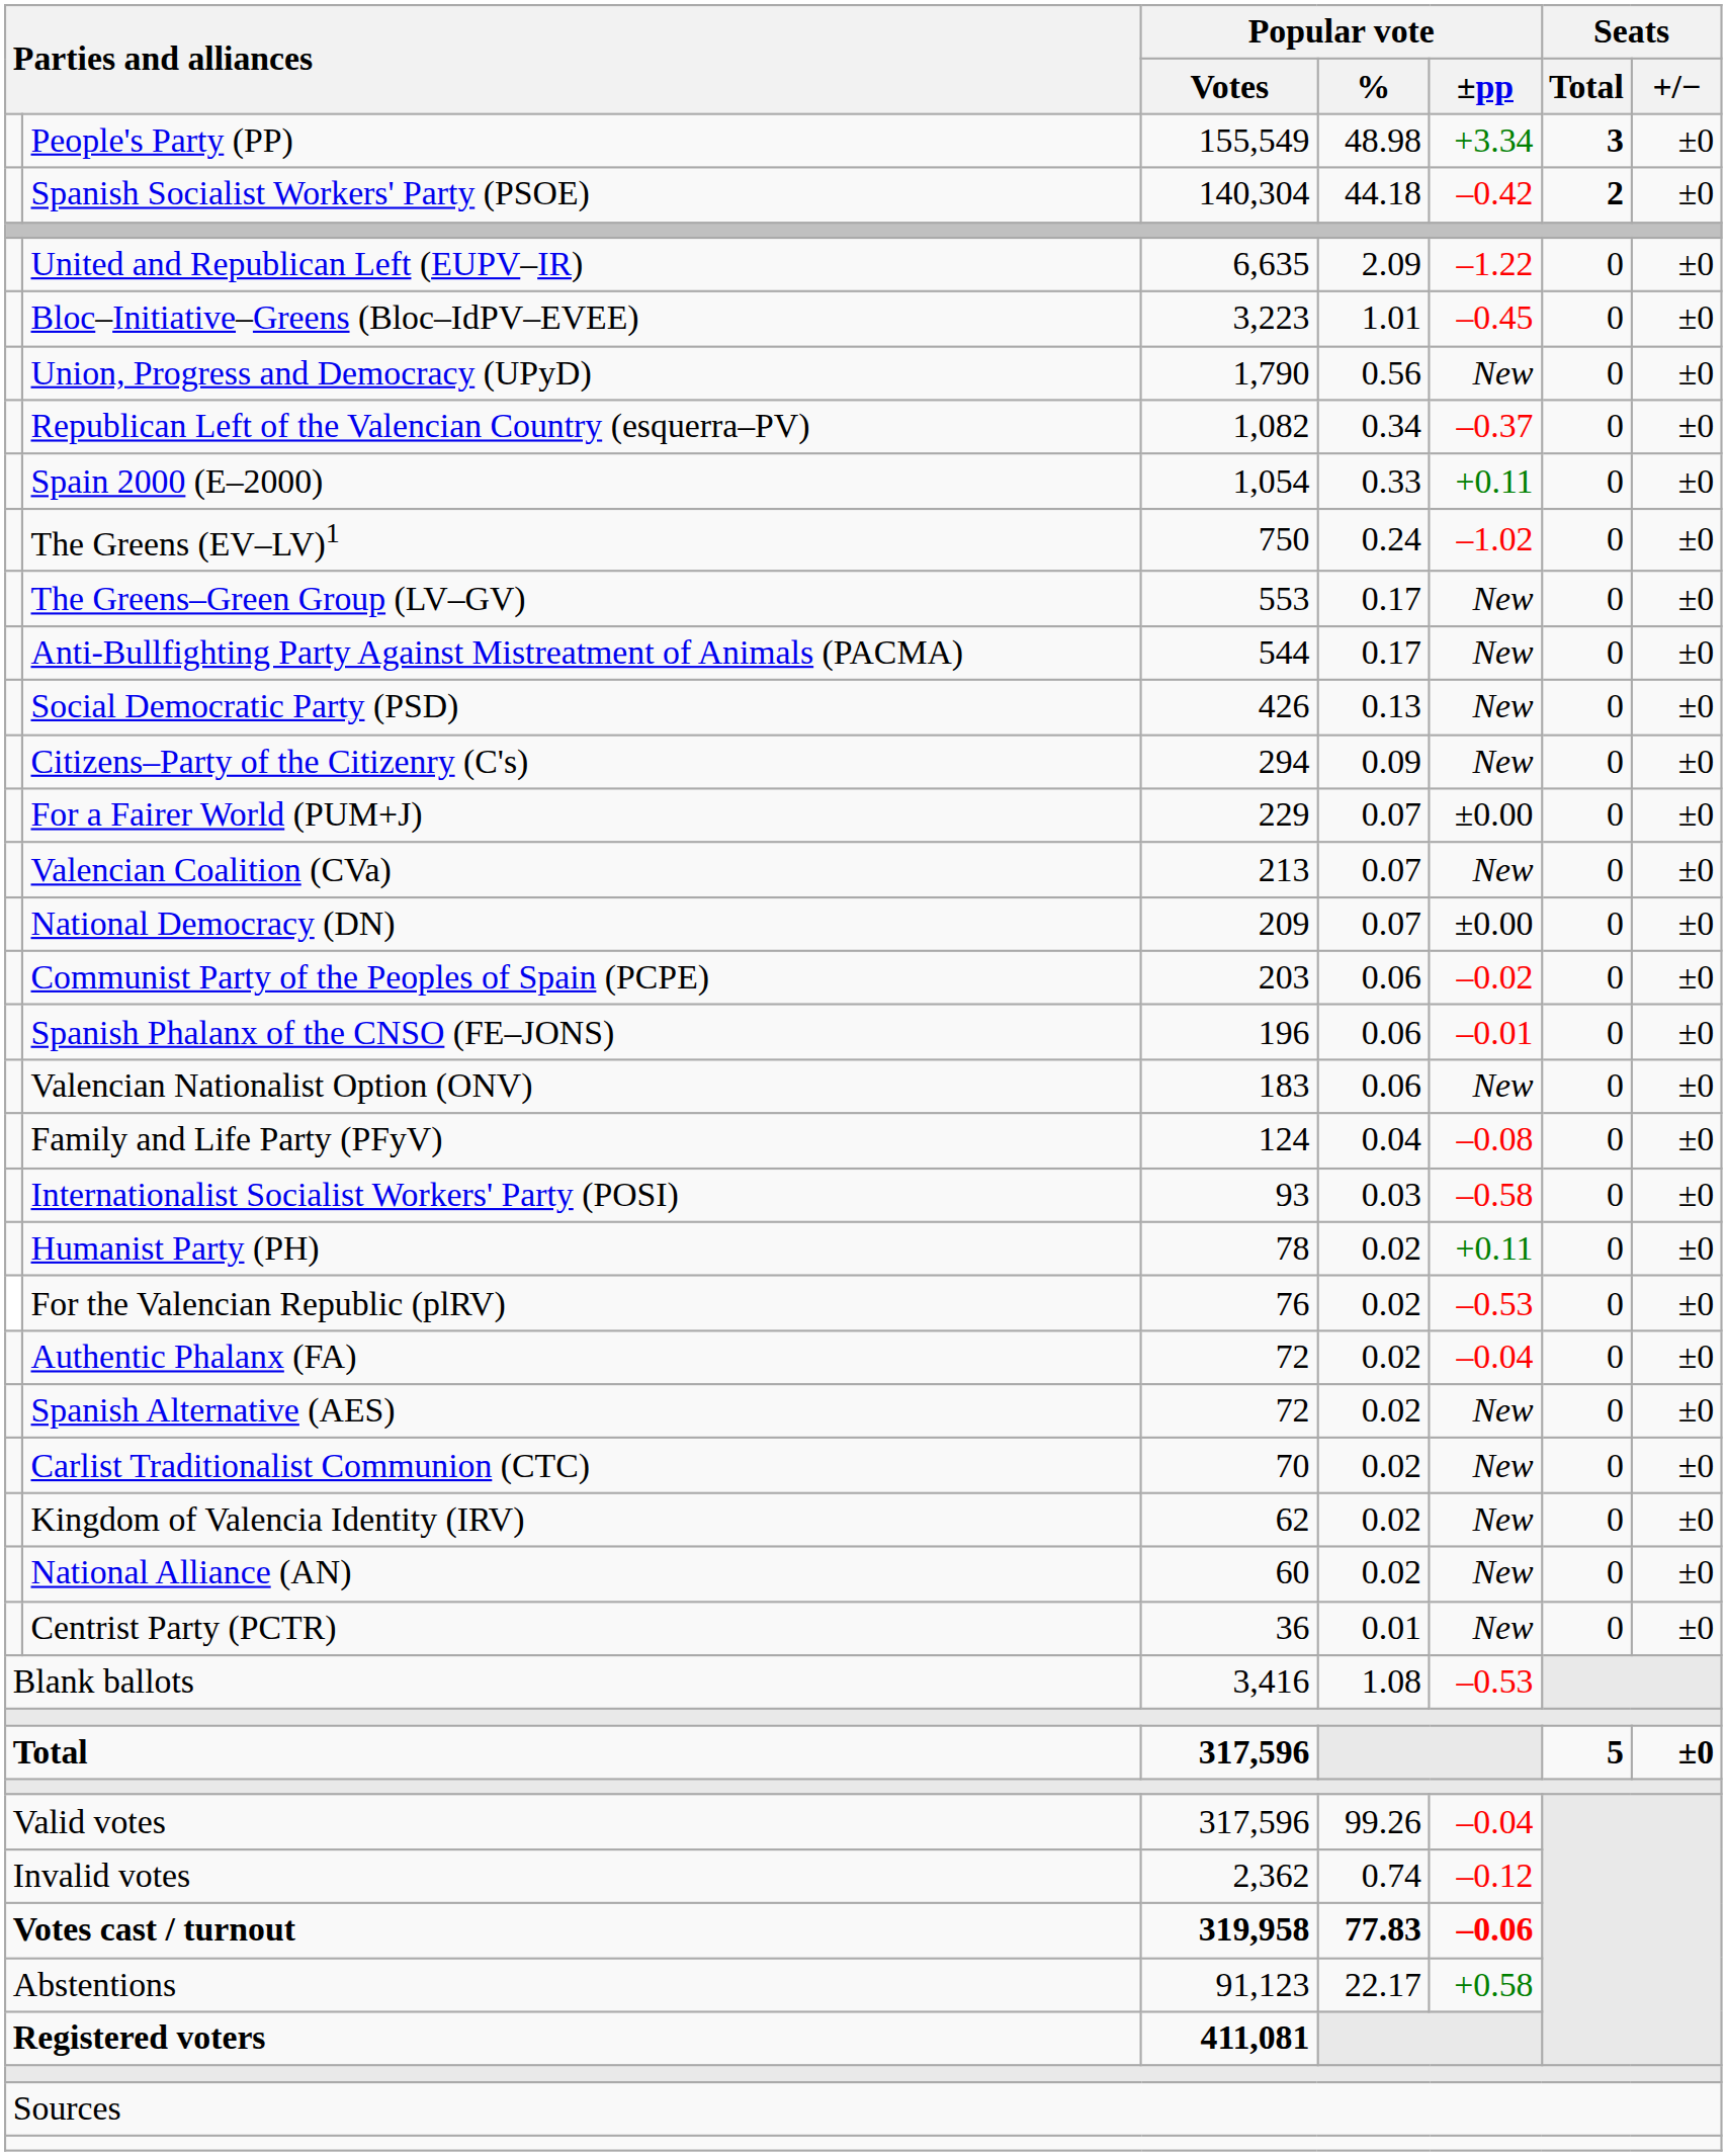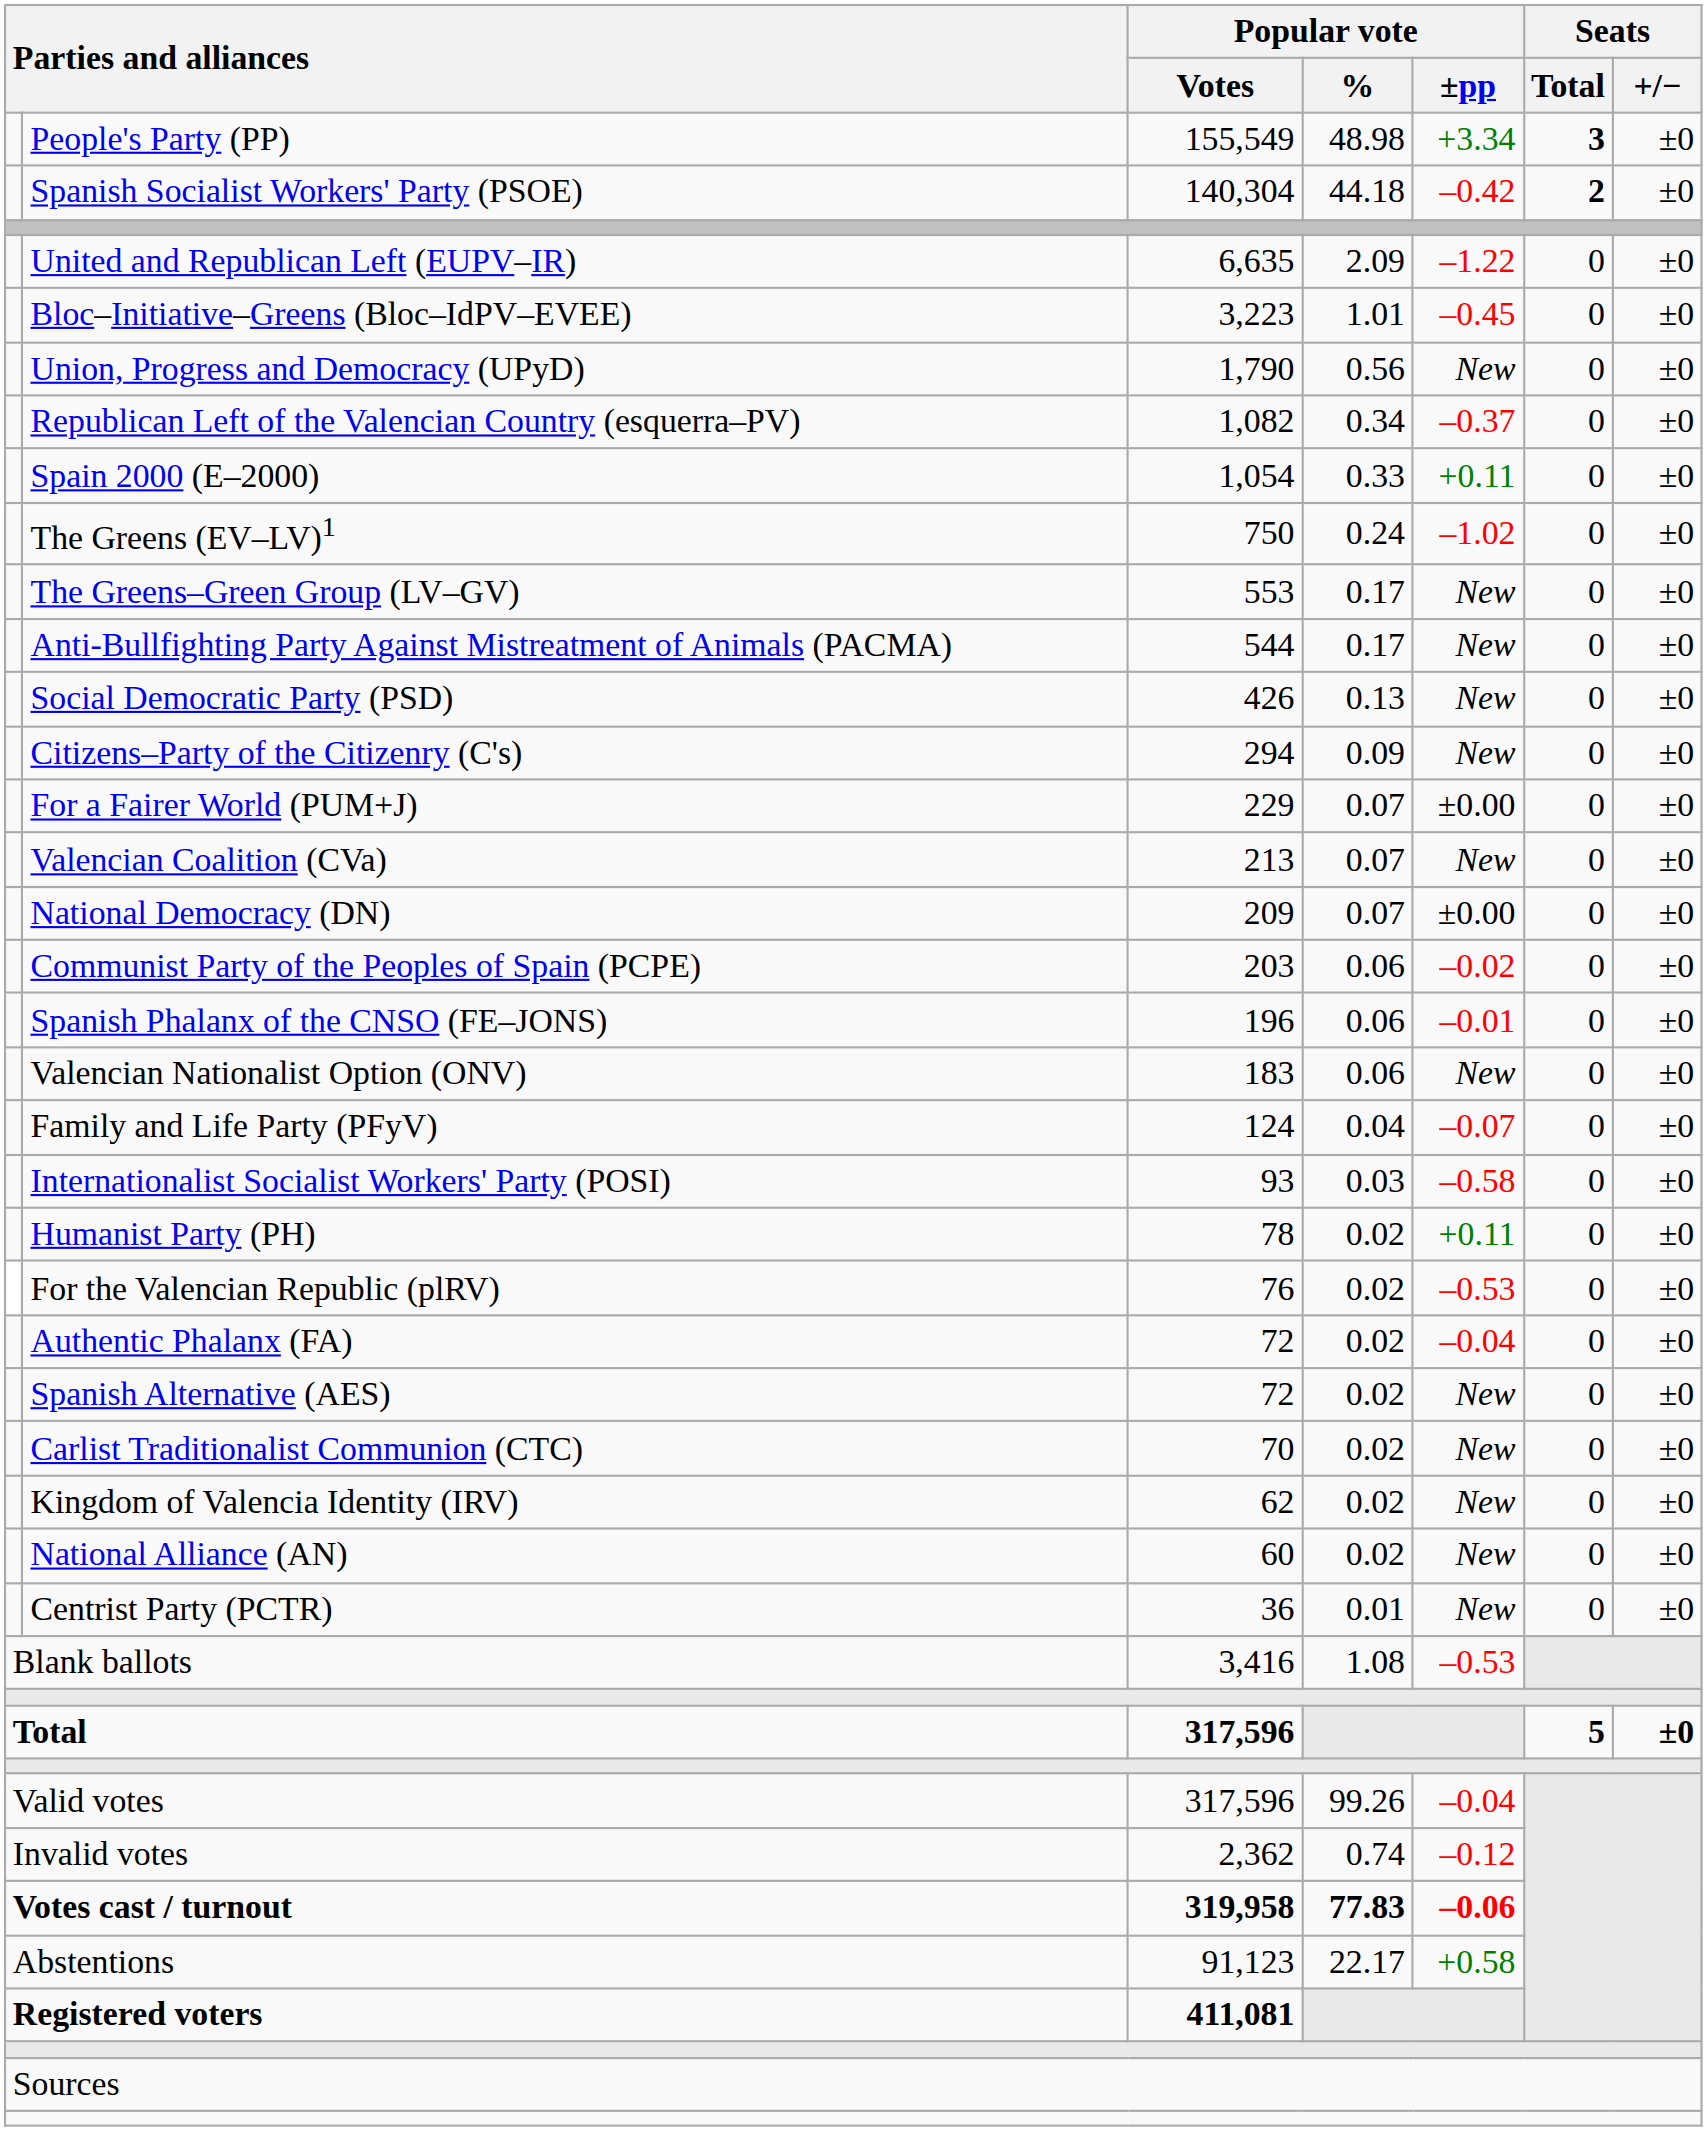 <table class="wikitable" style="text-align:right;">
 <tr>
 <th style="text-align:left;" rowspan="2" colspan="2" width="525">Parties and alliances</th>
 <th colspan="3">Popular vote</th>
 <th colspan="2">Seats</th>
 </tr>
 <tr>
 <th width="75">Votes</th>
 <th width="45">%</th>
 <th width="45">±<a href='#'>pp</a></th>
 <th width="35">Total</th>
 <th width="35">+/−</th>
 </tr>
 <tr>
 <td width="1" style="color:inherit;background:"></td>
 <td align="left"><a href='#'>People's Party</a> (PP)</td>
 <td>155,549</td>
 <td>48.98</td>
 <td style="color:green;">+3.34</td>
 <td><strong>3</strong></td>
 <td>±0</td>
 </tr>
 <tr>
 <td style="color:inherit;background:"></td>
 <td align="left"><a href='#'>Spanish Socialist Workers' Party</a> (PSOE)</td>
 <td>140,304</td>
 <td>44.18</td>
 <td style="color:red;">–0.42</td>
 <td><strong>2</strong></td>
 <td>±0</td>
 </tr>
 <tr>
 <td colspan="7" bgcolor="#C0C0C0"></td>
 </tr>
 <tr>
 <td style="color:inherit;background:"></td>
 <td align="left"><a href='#'>United and Republican Left</a> (<a href='#'>EUPV</a>–<a href='#'>IR</a>)</td>
 <td>6,635</td>
 <td>2.09</td>
 <td style="color:red;">–1.22</td>
 <td>0</td>
 <td>±0</td>
 </tr>
 <tr>
 <td style="color:inherit;background:"></td>
 <td align="left"><a href='#'>Bloc</a>–<a href='#'>Initiative</a>–<a href='#'>Greens</a> (Bloc–IdPV–EVEE)</td>
 <td>3,223</td>
 <td>1.01</td>
 <td style="color:red;">–0.45</td>
 <td>0</td>
 <td>±0</td>
 </tr>
 <tr>
 <td style="color:inherit;background:"></td>
 <td align="left"><a href='#'>Union, Progress and Democracy</a> (UPyD)</td>
 <td>1,790</td>
 <td>0.56</td>
 <td><em>New</em></td>
 <td>0</td>
 <td>±0</td>
 </tr>
 <tr>
 <td style="color:inherit;background:"></td>
 <td align="left"><a href='#'>Republican Left of the Valencian Country</a> (esquerra–PV)</td>
 <td>1,082</td>
 <td>0.34</td>
 <td style="color:red;">–0.37</td>
 <td>0</td>
 <td>±0</td>
 </tr>
 <tr>
 <td style="color:inherit;background:"></td>
 <td align="left"><a href='#'>Spain 2000</a> (E–2000)</td>
 <td>1,054</td>
 <td>0.33</td>
 <td style="color:green;">+0.11</td>
 <td>0</td>
 <td>±0</td>
 </tr>
 <tr>
 <td style="color:inherit;background:"></td>
 <td align="left">The Greens (EV–LV)<sup>1</sup></td>
 <td>750</td>
 <td>0.24</td>
 <td style="color:red;">–1.02</td>
 <td>0</td>
 <td>±0</td>
 </tr>
 <tr>
 <td style="color:inherit;background:"></td>
 <td align="left"><a href='#'>The Greens–Green Group</a> (LV–GV)</td>
 <td>553</td>
 <td>0.17</td>
 <td><em>New</em></td>
 <td>0</td>
 <td>±0</td>
 </tr>
 <tr>
 <td style="color:inherit;background:"></td>
 <td align="left"><a href='#'>Anti-Bullfighting Party Against Mistreatment of Animals</a> (PACMA)</td>
 <td>544</td>
 <td>0.17</td>
 <td><em>New</em></td>
 <td>0</td>
 <td>±0</td>
 </tr>
 <tr>
 <td style="color:inherit;background:"></td>
 <td align="left"><a href='#'>Social Democratic Party</a> (PSD)</td>
 <td>426</td>
 <td>0.13</td>
 <td><em>New</em></td>
 <td>0</td>
 <td>±0</td>
 </tr>
 <tr>
 <td style="color:inherit;background:"></td>
 <td align="left"><a href='#'>Citizens–Party of the Citizenry</a> (C's)</td>
 <td>294</td>
 <td>0.09</td>
 <td><em>New</em></td>
 <td>0</td>
 <td>±0</td>
 </tr>
 <tr>
 <td style="color:inherit;background:"></td>
 <td align="left"><a href='#'>For a Fairer World</a> (PUM+J)</td>
 <td>229</td>
 <td>0.07</td>
 <td>±0.00</td>
 <td>0</td>
 <td>±0</td>
 </tr>
 <tr>
 <td style="color:inherit;background:"></td>
 <td align="left"><a href='#'>Valencian Coalition</a> (CVa)</td>
 <td>213</td>
 <td>0.07</td>
 <td><em>New</em></td>
 <td>0</td>
 <td>±0</td>
 </tr>
 <tr>
 <td style="color:inherit;background:"></td>
 <td align="left"><a href='#'>National Democracy</a> (DN)</td>
 <td>209</td>
 <td>0.07</td>
 <td>±0.00</td>
 <td>0</td>
 <td>±0</td>
 </tr>
 <tr>
 <td style="color:inherit;background:"></td>
 <td align="left"><a href='#'>Communist Party of the Peoples of Spain</a> (PCPE)</td>
 <td>203</td>
 <td>0.06</td>
 <td style="color:red;">–0.02</td>
 <td>0</td>
 <td>±0</td>
 </tr>
 <tr>
 <td style="color:inherit;background:"></td>
 <td align="left"><a href='#'>Spanish Phalanx of the CNSO</a> (FE–JONS)</td>
 <td>196</td>
 <td>0.06</td>
 <td style="color:red;">–0.01</td>
 <td>0</td>
 <td>±0</td>
 </tr>
 <tr>
 <td style="color:inherit;background:"></td>
 <td align="left">Valencian Nationalist Option (ONV)</td>
 <td>183</td>
 <td>0.06</td>
 <td><em>New</em></td>
 <td>0</td>
 <td>±0</td>
 </tr>
 <tr>
 <td style="color:inherit;background:"></td>
 <td align="left">Family and Life Party (PFyV)</td>
 <td>124</td>
 <td>0.04</td>
-<td style="color:red;">–0.08</td>
+<td style="color:red;">–0.07</td>
 <td>0</td>
 <td>±0</td>
 </tr>
 <tr>
 <td style="color:inherit;background:"></td>
 <td align="left"><a href='#'>Internationalist Socialist Workers' Party</a> (POSI)</td>
 <td>93</td>
 <td>0.03</td>
 <td style="color:red;">–0.58</td>
 <td>0</td>
 <td>±0</td>
 </tr>
 <tr>
 <td style="color:inherit;background:"></td>
 <td align="left"><a href='#'>Humanist Party</a> (PH)</td>
 <td>78</td>
 <td>0.02</td>
 <td style="color:green;">+0.11</td>
 <td>0</td>
 <td>±0</td>
 </tr>
 <tr>
 <td bgcolor="white"></td>
 <td align="left">For the Valencian Republic (plRV)</td>
 <td>76</td>
 <td>0.02</td>
 <td style="color:red;">–0.53</td>
 <td>0</td>
 <td>±0</td>
 </tr>
 <tr>
 <td style="color:inherit;background:"></td>
 <td align="left"><a href='#'>Authentic Phalanx</a> (FA)</td>
 <td>72</td>
 <td>0.02</td>
 <td style="color:red;">–0.04</td>
 <td>0</td>
 <td>±0</td>
 </tr>
 <tr>
 <td style="color:inherit;background:"></td>
 <td align="left"><a href='#'>Spanish Alternative</a> (AES)</td>
 <td>72</td>
 <td>0.02</td>
 <td><em>New</em></td>
 <td>0</td>
 <td>±0</td>
 </tr>
 <tr>
 <td style="color:inherit;background:"></td>
 <td align="left"><a href='#'>Carlist Traditionalist Communion</a> (CTC)</td>
 <td>70</td>
 <td>0.02</td>
 <td><em>New</em></td>
 <td>0</td>
 <td>±0</td>
 </tr>
 <tr>
 <td style="color:inherit;background:"></td>
 <td align="left">Kingdom of Valencia Identity (IRV)</td>
 <td>62</td>
 <td>0.02</td>
 <td><em>New</em></td>
 <td>0</td>
 <td>±0</td>
 </tr>
 <tr>
 <td style="color:inherit;background:"></td>
 <td align="left"><a href='#'>National Alliance</a> (AN)</td>
 <td>60</td>
 <td>0.02</td>
 <td><em>New</em></td>
 <td>0</td>
 <td>±0</td>
 </tr>
 <tr>
 <td style="color:inherit;background:"></td>
 <td align="left">Centrist Party (PCTR)</td>
 <td>36</td>
 <td>0.01</td>
 <td><em>New</em></td>
 <td>0</td>
 <td>±0</td>
 </tr>
 <tr>
 <td align="left" colspan="2">Blank ballots</td>
 <td>3,416</td>
 <td>1.08</td>
 <td style="color:red;">–0.53</td>
 <td bgcolor="#E9E9E9" colspan="2"></td>
 </tr>
 <tr>
 <td colspan="7" bgcolor="#E9E9E9"></td>
 </tr>
 <tr style="font-weight:bold;">
 <td align="left" colspan="2">Total</td>
 <td>317,596</td>
 <td bgcolor="#E9E9E9" colspan="2"></td>
 <td>5</td>
 <td>±0</td>
 </tr>
 <tr>
 <td colspan="7" bgcolor="#E9E9E9"></td>
 </tr>
 <tr>
 <td align="left" colspan="2">Valid votes</td>
 <td>317,596</td>
 <td>99.26</td>
 <td style="color:red;">–0.04</td>
 <td bgcolor="#E9E9E9" colspan="2" rowspan="5"></td>
 </tr>
 <tr>
 <td align="left" colspan="2">Invalid votes</td>
 <td>2,362</td>
 <td>0.74</td>
 <td style="color:red;">–0.12</td>
 </tr>
 <tr style="font-weight:bold;">
 <td align="left" colspan="2">Votes cast / turnout</td>
 <td>319,958</td>
 <td>77.83</td>
 <td style="color:red;">–0.06</td>
 </tr>
 <tr>
 <td align="left" colspan="2">Abstentions</td>
 <td>91,123</td>
 <td>22.17</td>
 <td style="color:green;">+0.58</td>
 </tr>
 <tr style="font-weight:bold;">
 <td align="left" colspan="2">Registered voters</td>
 <td>411,081</td>
 <td bgcolor="#E9E9E9" colspan="2"></td>
 </tr>
 <tr>
 <td colspan="7" bgcolor="#E9E9E9"></td>
 </tr>
 <tr>
 <td align="left" colspan="7">Sources</td>
 </tr>
 <tr>
 <td colspan="7" style="text-align:left; max-width:790px;"></td>
 </tr>
 </table>
